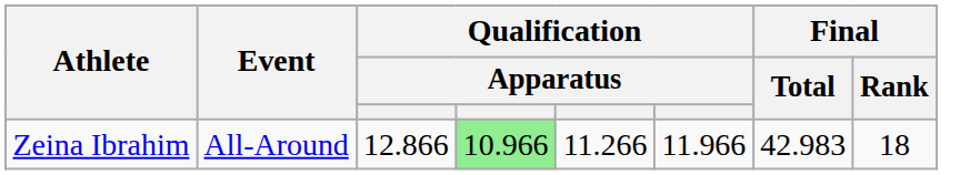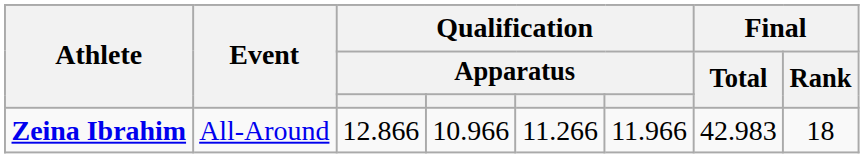 <table class="wikitable" style="font-size:90%">
 <tr>
 <th rowspan=3>Athlete</th>
 <th rowspan=3>Event</th>
 <th colspan =4>Qualification</th>
 <th colspan =7>Final</th>
 </tr>
 <tr style="font-size:95%">
 <th colspan=4>Apparatus</th>
 <th rowspan=2>Total</th>
 <th rowspan=2>Rank</th>
 </tr>
 <tr style="font-size:95%">
 <th></th>
 <th></th>
 <th></th>
 <th></th>
 </tr>
 <tr align=center>
-<td align=left><a href='#'>Zeina Ibrahim</a></td>
+<td align=left><strong><a href='#'>Zeina Ibrahim</a></strong></td>
 <td align=left><a href='#'>All-Around</a></td>
 <td>12.866</td>
-<td style="background: lightgreen;">10.966</td>
+<td>10.966</td>
 <td>11.266</td>
 <td>11.966</td>
 <td>42.983</td>
 <td>18</td>
 </tr>
 </table>
